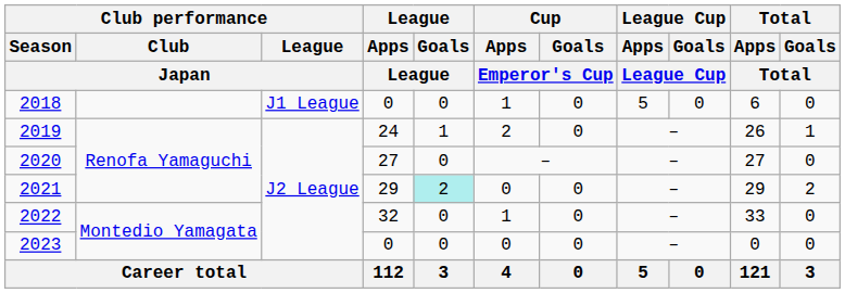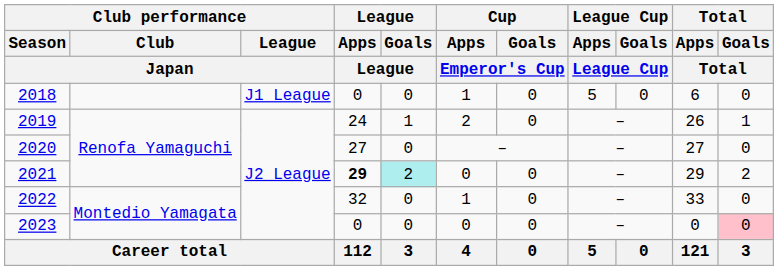 <table class="wikitable" style="text-align:center;">
 <tr>
 <th colspan=3>Club performance</th>
 <th colspan=2>League</th>
 <th colspan=2>Cup</th>
 <th colspan=2>League Cup</th>
 <th colspan=2>Total</th>
 </tr>
 <tr>
 <th>Season</th>
 <th>Club</th>
 <th>League</th>
 <th>Apps</th>
 <th>Goals</th>
 <th>Apps</th>
 <th>Goals</th>
 <th>Apps</th>
 <th>Goals</th>
 <th>Apps</th>
 <th>Goals</th>
 </tr>
 <tr>
 <th colspan=3>Japan</th>
 <th colspan=2>League</th>
 <th colspan=2><a href='#'>Emperor's Cup</a></th>
 <th colspan=2><a href='#'>League Cup</a></th>
 <th colspan=2>Total</th>
 </tr>
 <tr>
 <td><a href='#'>2018</a></td>
 <td rowspan="1"></td>
 <td rowspan="1"><a href='#'>J1 League</a></td>
 <td>0</td>
 <td>0</td>
 <td>1</td>
 <td>0</td>
 <td>5</td>
 <td>0</td>
 <td>6</td>
 <td>0</td>
 </tr>
 <tr>
 <td><a href='#'>2019</a></td>
 <td rowspan="3"><a href='#'>Renofa Yamaguchi</a></td>
 <td rowspan="5"><a href='#'>J2 League</a></td>
 <td>24</td>
 <td>1</td>
 <td>2</td>
 <td>0</td>
 <td colspan="2">–</td>
 <td>26</td>
 <td>1</td>
 </tr>
 <tr>
 <td><a href='#'>2020</a></td>
 <td>27</td>
 <td>0</td>
 <td colspan="2">–</td>
 <td colspan="2">–</td>
 <td>27</td>
 <td>0</td>
 </tr>
 <tr>
 <td><a href='#'>2021</a></td>
-<td>29</td>
+<td><strong>29</strong></td>
 <td style="background: paleturquoise;">2</td>
 <td>0</td>
 <td>0</td>
 <td colspan="2">–</td>
 <td>29</td>
 <td>2</td>
 </tr>
 <tr>
 <td><a href='#'>2022</a></td>
 <td rowspan="2"><a href='#'>Montedio Yamagata</a></td>
 <td>32</td>
 <td>0</td>
 <td>1</td>
 <td>0</td>
 <td colspan="2">–</td>
 <td>33</td>
 <td>0</td>
 </tr>
 <tr>
 <td><a href='#'>2023</a></td>
 <td>0</td>
 <td>0</td>
 <td>0</td>
 <td>0</td>
 <td colspan="2">–</td>
 <td>0</td>
-<td>0</td>
+<td style="background: pink;">0</td>
 </tr>
 <tr>
 <th colspan="3">Career total</th>
 <th>112</th>
 <th>3</th>
 <th>4</th>
 <th>0</th>
 <th>5</th>
 <th>0</th>
 <th>121</th>
 <th>3</th>
 </tr>
 </table>
